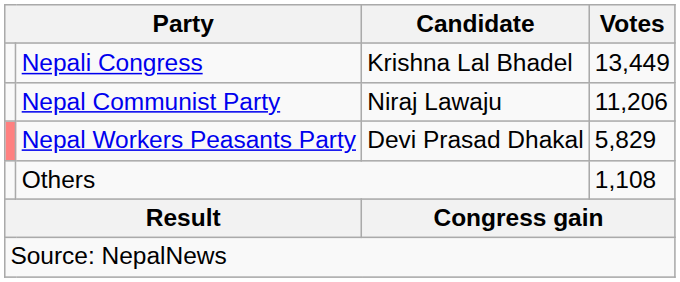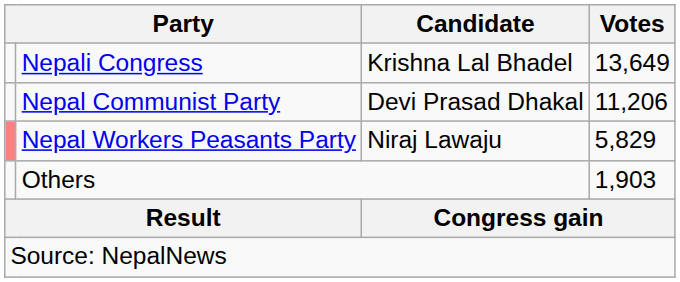 <table class="wikitable">
 <tr>
 <th colspan="2">Party</th>
 <th>Candidate</th>
 <th>Votes</th>
 </tr>
 <tr>
 <td style="background-color:"></td>
 <td><a href='#'>Nepali Congress</a></td>
 <td>Krishna Lal Bhadel</td>
-<td>13,449</td>
+<td>13,649</td>
 </tr>
 <tr>
 <td style="background-color:"></td>
 <td><a href='#'>Nepal Communist Party</a></td>
-<td>Niraj Lawaju</td>
+<td>Devi Prasad Dhakal</td>
 <td>11,206</td>
 </tr>
 <tr>
 <td style="background-color:#FF8080"></td>
 <td><a href='#'>Nepal Workers Peasants Party</a></td>
-<td>Devi Prasad Dhakal</td>
+<td>Niraj Lawaju</td>
 <td>5,829</td>
 </tr>
 <tr>
 <td></td>
 <td colspan="2">Others</td>
-<td>1,108</td>
+<td>1,903</td>
 </tr>
 <tr>
 <th colspan="2">Result</th>
 <th colspan="2">Congress gain</th>
 </tr>
 <tr>
 <td colspan="4">Source: NepalNews</td>
 </tr>
 </table>
